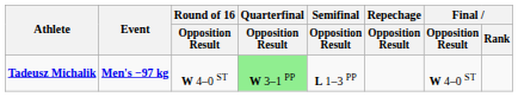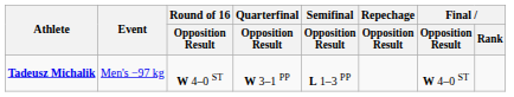 <table class="wikitable" style="text-align:center; font-size:90%">
 <tr>
 <th rowspan=2>Athlete</th>
 <th rowspan=2>Event</th>
 <th>Round of 16</th>
 <th>Quarterfinal</th>
 <th>Semifinal</th>
 <th>Repechage</th>
 <th colspan=2>Final / </th>
 </tr>
 <tr style="font-size: 95%">
 <th>Opposition<br>Result</th>
 <th>Opposition<br>Result</th>
 <th>Opposition<br>Result</th>
 <th>Opposition<br>Result</th>
 <th>Opposition<br>Result</th>
 <th>Rank</th>
 </tr>
 <tr>
 <td align=left><strong><a href='#'>Tadeusz Michalik</a></strong></td>
-<td align=left><strong><a href='#'>Men's −97 kg</a></strong></td>
+<td align=left><a href='#'>Men's −97 kg</a></td>
 <td><br><strong>W</strong> 4–0 <sup>ST</sup></td>
-<td style="background: lightgreen;"><br><strong>W</strong> 3–1 <sup>PP</sup></td>
+<td><br><strong>W</strong> 3–1 <sup>PP</sup></td>
 <td><br><strong>L</strong> 1–3 <sup>PP</sup></td>
 <td></td>
 <td><br><strong>W</strong> 4–0 <sup>ST</sup></td>
 <td></td>
 </tr>
 </table>
